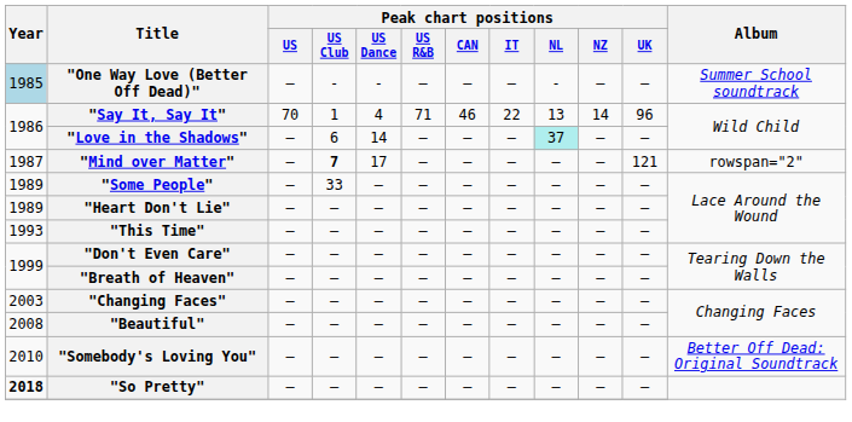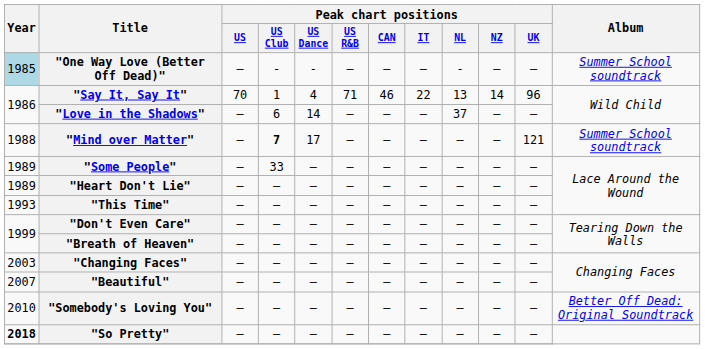 <table class="wikitable plainrowheaders" style="text-align:center;">
 <tr>
 <th rowspan="2" scope="col" style="width:2em;">Year</th>
 <th rowspan="2" scope="col" style="width:15em;">Title</th>
 <th colspan="9">Peak chart positions</th>
 <th rowspan="2" style="width:12em;">Album</th>
 </tr>
 <tr style=font-size:smaller>
 <th width=35><a href='#'>US</a></th>
 <th width=35><a href='#'>US Club</a></th>
 <th width=35><a href='#'>US Dance</a></th>
 <th width=35><a href='#'>US R&B</a></th>
 <th width=35><a href='#'>CAN</a></th>
 <th width=35><a href='#'>IT</a></th>
 <th width=35><a href='#'>NL</a></th>
 <th width=35><a href='#'>NZ</a></th>
 <th width=35><a href='#'>UK</a></th>
 </tr>
 <tr>
 <td style="background: lightblue;">1985</td>
 <th scope="row">"One Way Love (Better Off Dead)"</th>
 <td>–</td>
 <td>-</td>
 <td>-</td>
 <td>–</td>
 <td>–</td>
 <td>–</td>
 <td>-</td>
 <td>–</td>
 <td>–</td>
 <td><em><a href='#'>Summer School soundtrack</a></em></td>
 </tr>
 <tr>
 <td rowspan="2">1986</td>
 <th scope="row">"<a href='#'>Say It, Say It</a>"</th>
 <td>70</td>
 <td>1</td>
 <td>4</td>
 <td>71</td>
 <td>46</td>
 <td>22</td>
 <td>13</td>
 <td>14</td>
 <td>96</td>
 <td rowspan="2"><em>Wild Child</em></td>
 </tr>
 <tr>
 <th scope="row">"<a href='#'>Love in the Shadows</a>"</th>
 <td>–</td>
 <td>6</td>
 <td>14</td>
 <td>–</td>
 <td>–</td>
 <td>–</td>
-<td style="background: paleturquoise;">37</td>
+<td>37</td>
 <td>–</td>
 <td>–</td>
 </tr>
 <tr>
-<td>1987</td>
+<td>1988</td>
 <th scope="row">"<a href='#'>Mind over Matter</a>"</th>
 <td>–</td>
 <td><strong>7</strong></td>
 <td>17</td>
 <td>–</td>
 <td>–</td>
 <td>–</td>
 <td>–</td>
 <td>–</td>
 <td>121</td>
-<td>rowspan="2" </td>
+<td><em><a href='#'>Summer School soundtrack</a></em></td>
 </tr>
 <tr>
 <td>1989</td>
 <th scope="row">"<a href='#'>Some People</a>"</th>
 <td>–</td>
 <td>33</td>
 <td>–</td>
 <td>–</td>
 <td>–</td>
 <td>–</td>
 <td>–</td>
 <td>–</td>
 <td>–</td>
 <td rowspan="3"><em>Lace Around the Wound</em></td>
 </tr>
 <tr>
 <td>1989</td>
 <th scope="row">"Heart Don't Lie"</th>
 <td>–</td>
 <td>–</td>
 <td>–</td>
 <td>–</td>
 <td>–</td>
 <td>–</td>
 <td>–</td>
 <td>–</td>
 <td>–</td>
 </tr>
 <tr>
 <td>1993</td>
 <th scope="row">"This Time"</th>
 <td>–</td>
 <td>–</td>
 <td>–</td>
 <td>–</td>
 <td>–</td>
 <td>–</td>
 <td>–</td>
 <td>–</td>
 <td>–</td>
 </tr>
 <tr>
 <td rowspan="2">1999</td>
 <th scope="row">"Don't Even Care"</th>
 <td>–</td>
 <td>–</td>
 <td>–</td>
 <td>–</td>
 <td>–</td>
 <td>–</td>
 <td>–</td>
 <td>–</td>
 <td>–</td>
 <td rowspan="2"><em>Tearing Down the Walls</em></td>
 </tr>
 <tr>
 <th scope="row">"Breath of Heaven"</th>
 <td>–</td>
 <td>–</td>
 <td>–</td>
 <td>–</td>
 <td>–</td>
 <td>–</td>
 <td>–</td>
 <td>–</td>
 <td>–</td>
 </tr>
 <tr>
 <td>2003</td>
 <th scope="row">"Changing Faces"</th>
 <td>–</td>
 <td>–</td>
 <td>–</td>
 <td>–</td>
 <td>–</td>
 <td>–</td>
 <td>–</td>
 <td>–</td>
 <td>–</td>
 <td rowspan="2"><em>Changing Faces</em></td>
 </tr>
 <tr>
-<td>2008</td>
+<td>2007</td>
 <th scope="row">"Beautiful"</th>
 <td>–</td>
 <td>–</td>
 <td>–</td>
 <td>–</td>
 <td>–</td>
 <td>–</td>
 <td>–</td>
 <td>–</td>
 <td>–</td>
 </tr>
 <tr>
 <td>2010</td>
 <th scope="row">"Somebody's Loving You"</th>
 <td>–</td>
 <td>–</td>
 <td>–</td>
 <td>–</td>
 <td>–</td>
 <td>–</td>
 <td>–</td>
 <td>–</td>
 <td>–</td>
 <td><em><a href='#'>Better Off Dead: Original Soundtrack</a></em></td>
 </tr>
 <tr>
 <td><strong>2018</strong></td>
 <th scope="row">"So Pretty"</th>
 <td>–</td>
 <td>–</td>
 <td>–</td>
 <td>–</td>
 <td>–</td>
 <td>–</td>
 <td>–</td>
 <td>–</td>
 <td>–</td>
 </tr>
 <tr>
 </tr>
 </table>
